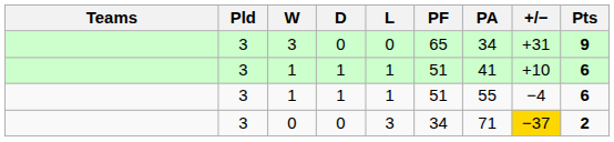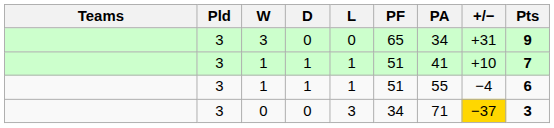 <table class="wikitable" style="text-align: center;">
 <tr>
 <th width="200">Teams</th>
 <th width="40">Pld</th>
 <th width="40">W</th>
 <th width="40">D</th>
 <th width="40">L</th>
 <th width="40">PF</th>
 <th width="40">PA</th>
 <th width="40">+/−</th>
 <th width="40">Pts</th>
 </tr>
 <tr bgcolor=ccffcc>
 <td align=left></td>
 <td>3</td>
 <td>3</td>
 <td>0</td>
 <td>0</td>
 <td>65</td>
 <td>34</td>
 <td>+31</td>
 <td><strong>9</strong></td>
 </tr>
 <tr bgcolor=ccffcc>
 <td align=left></td>
 <td>3</td>
 <td>1</td>
 <td>1</td>
 <td>1</td>
 <td>51</td>
 <td>41</td>
 <td>+10</td>
-<td><strong>6</strong></td>
+<td><strong>7</strong></td>
 </tr>
 <tr>
 <td align=left></td>
 <td>3</td>
 <td>1</td>
 <td>1</td>
 <td>1</td>
 <td>51</td>
 <td>55</td>
 <td>−4</td>
 <td><strong>6</strong></td>
 </tr>
 <tr>
 <td align=left></td>
 <td>3</td>
 <td>0</td>
 <td>0</td>
 <td>3</td>
 <td>34</td>
 <td>71</td>
 <td style="background: gold;">−37</td>
-<td><strong>2</strong></td>
+<td><strong>3</strong></td>
 </tr>
 </table>
